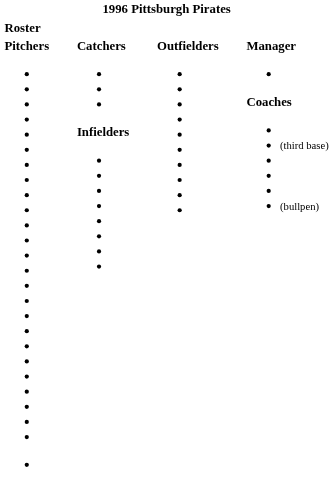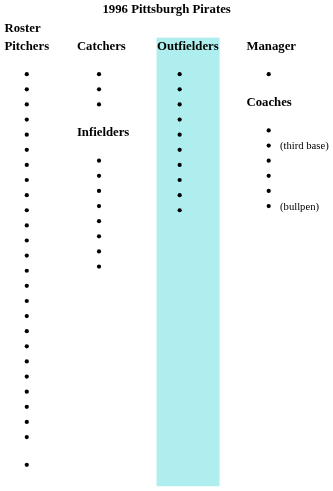 <table class="toccolours" style="font-size: 95%;">
 <tr>
 <th colspan="10">1996 Pittsburgh Pirates</th>
 </tr>
 <tr>
 <td colspan="10"><strong>Roster</strong></td>
 </tr>
 <tr>
 <td valign="top"><strong>Pitchers</strong><br><ul><li></li><li></li><li></li><li></li><li></li><li></li><li></li><li></li><li></li><li></li><li></li><li></li><li></li><li></li><li></li><li></li><li></li><li></li><li></li><li></li><li></li><li></li><li></li><li></li><li></li></ul><ul><li></li></ul></td>
 <td width="25px"></td>
 <td valign="top"><strong>Catchers</strong><br><ul><li></li><li></li><li></li></ul><strong>Infielders</strong><ul><li></li><li></li><li></li><li></li><li></li><li></li><li></li><li></li></ul></td>
 <td width="25px"></td>
-<td valign="top"><strong>Outfielders</strong><br><ul><li></li><li></li><li></li><li></li><li></li><li></li><li></li><li></li><li></li><li></li></ul></td>
+<td valign="top" style="background: paleturquoise;"><strong>Outfielders</strong><br><ul><li></li><li></li><li></li><li></li><li></li><li></li><li></li><li></li><li></li><li></li></ul></td>
 <td width="25px"></td>
 <td valign="top"><strong>Manager</strong><br><ul><li></li></ul><strong>Coaches</strong><ul><li></li><li> <small>(third base)</small></li><li></li><li></li><li></li><li> <small>(bullpen)</small></li></ul></td>
 </tr>
 </table>
